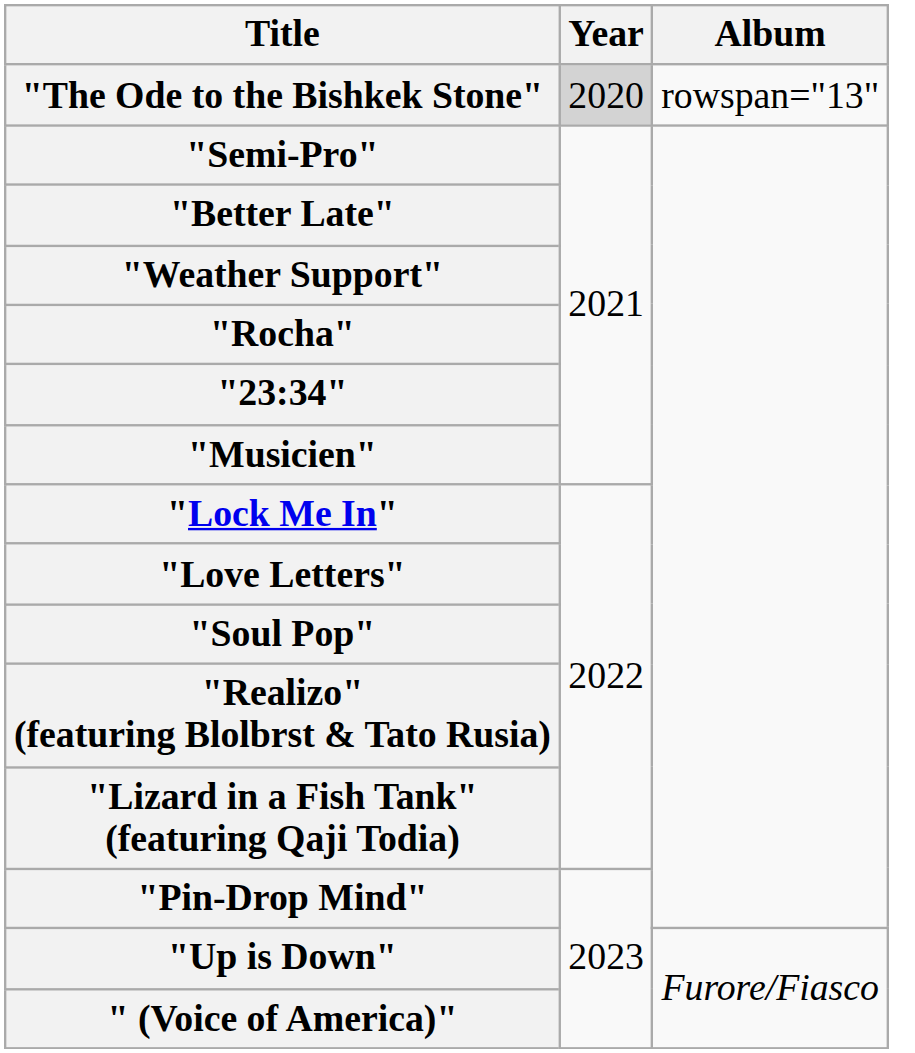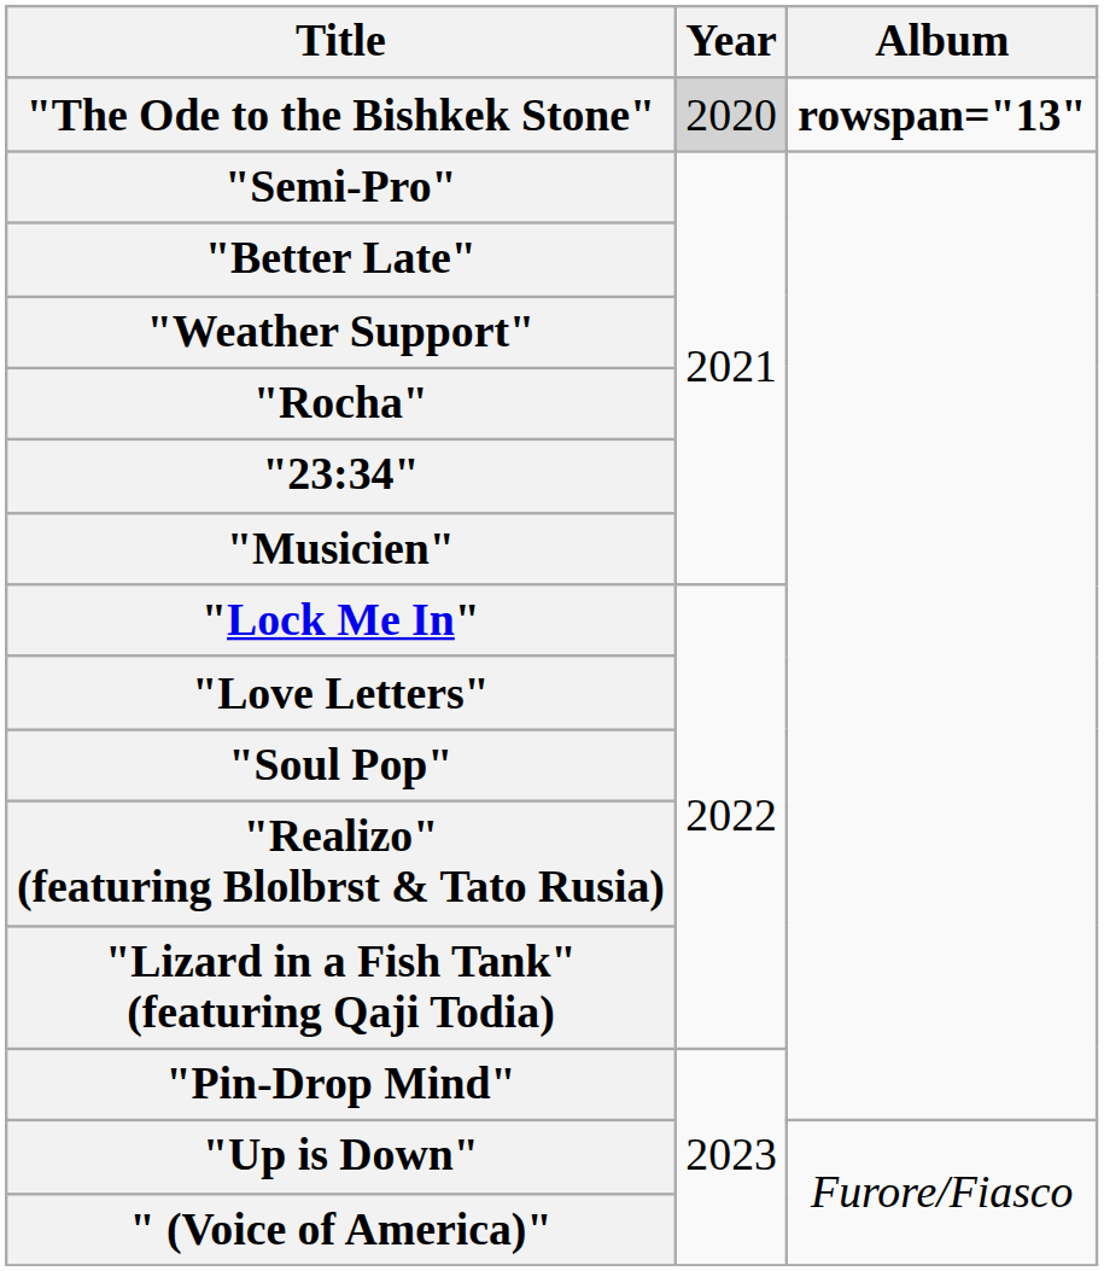 <table class="wikitable plainrowheaders" style="text-align:center">
 <tr>
 <th scope="col">Title</th>
 <th scope="col">Year</th>
 <th scope="col">Album</th>
 </tr>
 <tr>
 <th scope="row">"The Ode to the Bishkek Stone"</th>
 <td style="background: lightgrey;">2020</td>
-<td>rowspan="13" </td>
+<td><strong>rowspan="13" </strong></td>
 </tr>
 <tr>
 <th scope="row">"Semi-Pro"</th>
 <td rowspan="6">2021</td>
 </tr>
 <tr>
 <th scope="row">"Better Late"</th>
 </tr>
 <tr>
 <th scope="row">"Weather Support"</th>
 </tr>
 <tr>
 <th scope="row">"Rocha"</th>
 </tr>
 <tr>
 <th scope="row">"23:34"</th>
 </tr>
 <tr>
 <th scope="row">"Musicien"</th>
 </tr>
 <tr>
 <th scope="row">"<a href='#'>Lock Me In</a>"</th>
 <td rowspan="5">2022</td>
 </tr>
 <tr>
 <th scope="row">"Love Letters"</th>
 </tr>
 <tr>
 <th scope="row">"Soul Pop"</th>
 </tr>
 <tr>
 <th scope="row">"Realizo"<br><span>(featuring Blolbrst & Tato Rusia)</span></th>
 </tr>
 <tr>
 <th scope="row">"Lizard in a Fish Tank"<br><span>(featuring Qaji Todia)</span></th>
 </tr>
 <tr>
 <th scope="row">"Pin-Drop Mind"</th>
 <td rowspan=3>2023</td>
 </tr>
 <tr>
 <th scope="row">"Up is Down"</th>
 <td rowspan=2><em>Furore/Fiasco</em></td>
 </tr>
 <tr>
 <th scope="row">" (Voice of America)"</th>
 </tr>
 </table>
